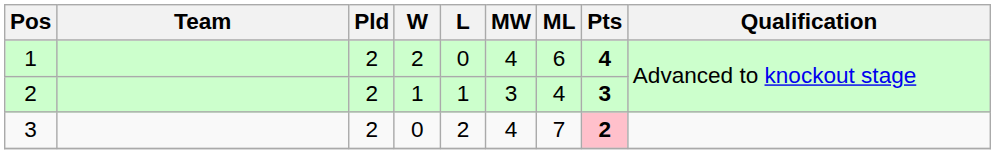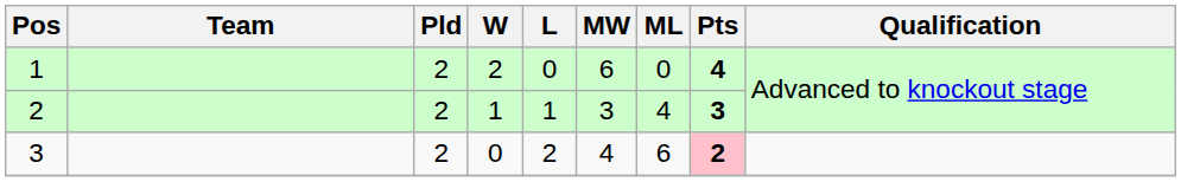 <table class="wikitable" style="text-align:center">
 <tr>
 <th width=25>Pos</th>
 <th width=200>Team</th>
 <th width=25>Pld</th>
 <th width=25>W</th>
 <th width=25>L</th>
 <th width=25>MW</th>
 <th width=25>ML</th>
 <th width=25>Pts</th>
 <th width=250>Qualification</th>
 </tr>
 <tr bgcolor=ccffcc>
 <td>1</td>
 <td style="text-align:left;"></td>
 <td>2</td>
 <td>2</td>
 <td>0</td>
-<td>4</td>
 <td>6</td>
+<td>0</td>
 <td><strong>4</strong></td>
 <td rowspan=2 style="text-align:left;">Advanced to <a href='#'>knockout stage</a></td>
 </tr>
 <tr bgcolor=ccffcc>
 <td>2</td>
 <td style="text-align:left;"></td>
 <td>2</td>
 <td>1</td>
 <td>1</td>
 <td>3</td>
 <td>4</td>
 <td><strong>3</strong></td>
 </tr>
 <tr>
 <td>3</td>
 <td style="text-align:left;"></td>
 <td>2</td>
 <td>0</td>
 <td>2</td>
 <td>4</td>
-<td>7</td>
+<td>6</td>
 <td style="background: pink;"><strong>2</strong></td>
 <td></td>
 </tr>
 <tr>
 </tr>
 </table>
